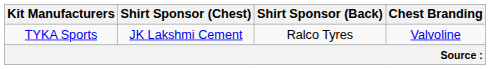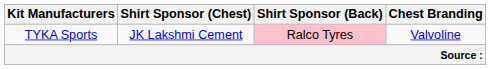 <table class="wikitable" style="text-align: center;">
 <tr>
 <th>Kit Manufacturers</th>
 <th>Shirt Sponsor (Chest)</th>
 <th>Shirt Sponsor (Back)</th>
 <th>Chest Branding</th>
 </tr>
 <tr>
 <td><a href='#'>TYKA Sports</a></td>
 <td><a href='#'>JK Lakshmi Cement</a></td>
-<td>Ralco Tyres</td>
+<td style="background: pink;">Ralco Tyres</td>
 <td><a href='#'>Valvoline</a></td>
 </tr>
 <tr>
 <th colspan="4" style="text-align:right;"><small> Source : </small></th>
 </tr>
 </table>
